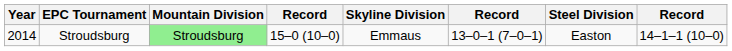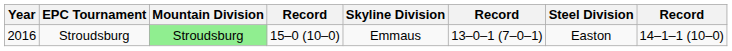 <table class="wikitable" style="text-align:center">
 <tr>
 <th>Year</th>
 <th>EPC Tournament</th>
 <th>Mountain Division</th>
 <th>Record</th>
 <th>Skyline Division</th>
 <th>Record</th>
 <th>Steel Division</th>
 <th>Record</th>
 </tr>
 <tr>
-<td>2014</td>
+<td>2016</td>
 <td>Stroudsburg</td>
 <td style="background: lightgreen;">Stroudsburg</td>
 <td>15–0 (10–0)</td>
 <td>Emmaus</td>
 <td>13–0–1 (7–0–1)</td>
 <td>Easton</td>
 <td>14–1–1 (10–0)</td>
 </tr>
 </table>
